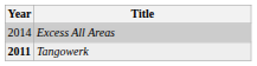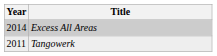 <table class="wikitable">
 <tr>
 <th style="width:2em">Year</th>
 <th style="width:18em">Title </th>
 </tr>
 <tr bgcolor="#cccccc">
 <td>2014</td>
 <td><em>Excess All Areas</em></td>
 </tr>
 <tr bgcolor="#eeeeee">
-<td><strong>2011</strong></td>
+<td>2011</td>
 <td><em>Tangowerk</em></td>
 </tr>
 </table>
